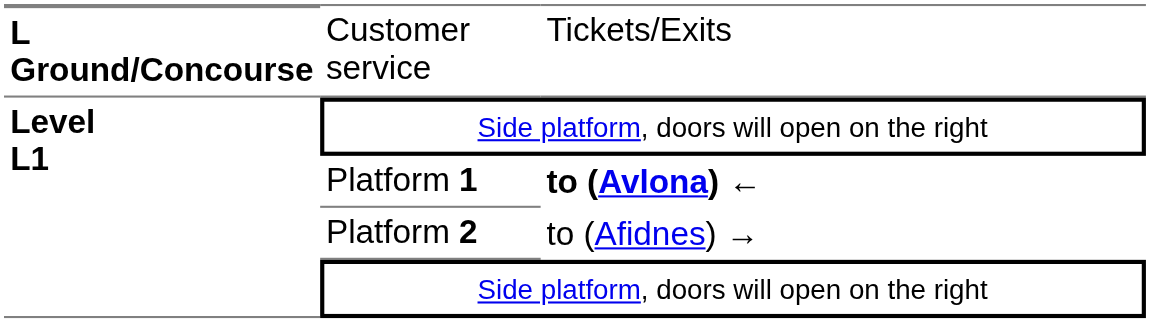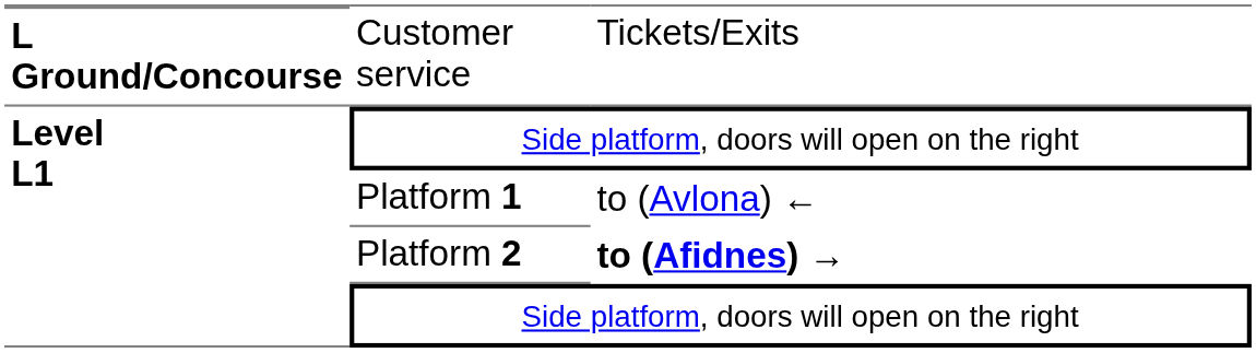 <table table border=0 cellspacing=0 cellpadding=3>
 <tr>
 <td style="border-bottom:solid 1px gray;border-top:solid 2px gray;" width=50 valign=top><strong>L<br>Ground/Concourse</strong></td>
 <td style="border-top:solid 1px gray;border-bottom:solid 1px gray;" width=100 valign=top>Customer service</td>
 <td style="border-top:solid 1px gray;border-bottom:solid 1px gray;" width=285 valign=top>Tickets/Exits</td>
 </tr>
 <tr>
 <td style="border-bottom:solid 1px gray;" rowspan=4 valign=top><strong>Level<br>L1</strong></td>
 <td style="border-top:solid 2px black;border-right:solid 2px black;border-left:solid 2px black;border-bottom:solid 2px black;text-align:center;" colspan=2><small><a href='#'>Side platform</a>, doors will open on the right</small></td>
 </tr>
 <tr>
 <td style="border-bottom:solid 1px gray;">Platform <strong>1</strong></td>
-<td><strong> to  (<a href='#'>Avlona</a>) ←</strong></td>
+<td> to  (<a href='#'>Avlona</a>) ←</td>
 </tr>
 <tr>
 <td style="border-bottom:solid 1px gray;">Platform <strong>2</strong></td>
-<td> to  (<a href='#'>Afidnes</a>)  →</td>
+<td><strong> to  (<a href='#'>Afidnes</a>)  →</strong></td>
 </tr>
 <tr>
 <td style="border-top:solid 2px black;border-left:solid 2px black;border-right:solid 2px black;border-bottom:solid 2px black;text-align:center;" colspan=2><small><a href='#'>Side platform</a>, doors will open on the right</small></td>
 </tr>
 </table>
